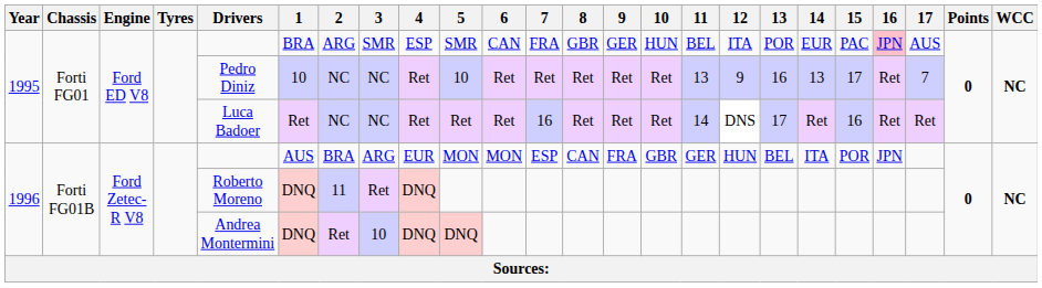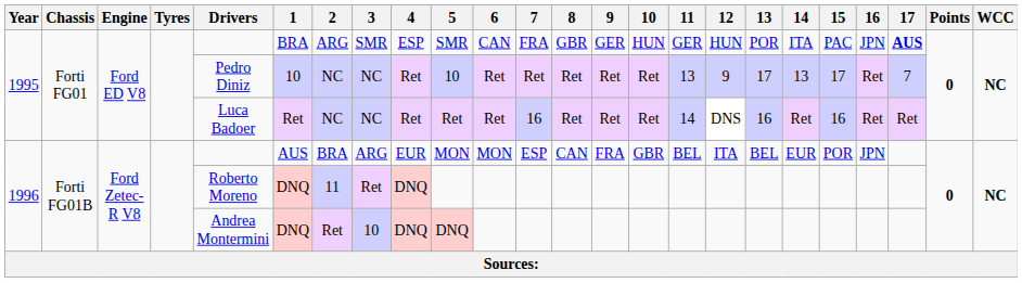 <table class="wikitable" style="text-align:center; font-size:95%">
 <tr>
 <th>Year</th>
 <th>Chassis</th>
 <th>Engine</th>
 <th>Tyres</th>
 <th>Drivers</th>
 <th>1</th>
 <th>2</th>
 <th>3</th>
 <th>4</th>
 <th>5</th>
 <th>6</th>
 <th>7</th>
 <th>8</th>
 <th>9</th>
 <th>10</th>
 <th>11</th>
 <th>12</th>
 <th>13</th>
 <th>14</th>
 <th>15</th>
 <th>16</th>
 <th>17</th>
 <th>Points</th>
 <th>WCC</th>
 </tr>
 <tr>
 <td rowspan="3"><a href='#'>1995</a></td>
 <td rowspan="3">Forti FG01</td>
 <td rowspan="3"><a href='#'>Ford ED</a> <a href='#'>V8</a></td>
 <td rowspan="3"></td>
 <td></td>
 <td><a href='#'>BRA</a></td>
 <td><a href='#'>ARG</a></td>
 <td><a href='#'>SMR</a></td>
 <td><a href='#'>ESP</a></td>
 <td><a href='#'>SMR</a></td>
 <td><a href='#'>CAN</a></td>
 <td><a href='#'>FRA</a></td>
 <td><a href='#'>GBR</a></td>
 <td><a href='#'>GER</a></td>
 <td><a href='#'>HUN</a></td>
-<td><a href='#'>BEL</a></td>
+<td><a href='#'>GER</a></td>
+<td><a href='#'>HUN</a></td>
+<td><a href='#'>POR</a></td>
 <td><a href='#'>ITA</a></td>
-<td><a href='#'>POR</a></td>
-<td><a href='#'>EUR</a></td>
 <td><a href='#'>PAC</a></td>
-<td style="background: pink;"><a href='#'>JPN</a></td>
-<td><a href='#'>AUS</a></td>
+<td><a href='#'>JPN</a></td>
+<td><strong><a href='#'>AUS</a></strong></td>
 <td rowspan="3"><strong>0</strong></td>
 <td rowspan="3"><strong>NC</strong></td>
 </tr>
 <tr>
 <td><a href='#'>Pedro Diniz</a></td>
 <td style="background:#CFCFFF;">10</td>
 <td style="background:#CFCFFF;">NC</td>
 <td style="background:#CFCFFF;">NC</td>
 <td style="background:#EFCFFF;">Ret</td>
 <td style="background:#CFCFFF;">10</td>
 <td style="background:#EFCFFF;">Ret</td>
 <td style="background:#EFCFFF;">Ret</td>
 <td style="background:#EFCFFF;">Ret</td>
 <td style="background:#EFCFFF;">Ret</td>
 <td style="background:#EFCFFF;">Ret</td>
 <td style="background:#CFCFFF;">13</td>
 <td style="background:#CFCFFF;">9</td>
-<td style="background:#CFCFFF;">16</td>
+<td style="background:#cfcfff;">17</td>
 <td style="background:#CFCFFF;">13</td>
 <td style="background:#CFCFFF;">17</td>
 <td style="background:#EFCFFF;">Ret</td>
 <td style="background:#CFCFFF;">7</td>
 </tr>
 <tr>
 <td><a href='#'>Luca Badoer</a></td>
 <td style="background:#efcfff;">Ret</td>
 <td style="background:#cfcfff;">NC</td>
 <td style="background:#cfcfff;">NC</td>
 <td style="background:#efcfff;">Ret</td>
 <td style="background:#efcfff;">Ret</td>
 <td style="background:#efcfff;">Ret</td>
 <td style="background:#cfcfff;">16</td>
 <td style="background:#efcfff;">Ret</td>
 <td style="background:#efcfff;">Ret</td>
 <td style="background:#efcfff;">Ret</td>
 <td style="background:#cfcfff;">14</td>
 <td style="background:#ffffff;">DNS</td>
-<td style="background:#cfcfff;">17</td>
+<td style="background:#CFCFFF;">16</td>
 <td style="background:#efcfff;">Ret</td>
 <td style="background:#cfcfff;">16</td>
 <td style="background:#efcfff;">Ret</td>
 <td style="background:#efcfff;">Ret</td>
 </tr>
 <tr>
 <td rowspan="3"><a href='#'>1996</a></td>
 <td rowspan="3">Forti FG01B</td>
 <td rowspan="3"><a href='#'>Ford Zetec-R</a> <a href='#'>V8</a></td>
 <td rowspan="3"></td>
 <td></td>
 <td><a href='#'>AUS</a></td>
 <td><a href='#'>BRA</a></td>
 <td><a href='#'>ARG</a></td>
 <td><a href='#'>EUR</a></td>
 <td><a href='#'>MON</a></td>
 <td><a href='#'>MON</a></td>
 <td><a href='#'>ESP</a></td>
 <td><a href='#'>CAN</a></td>
 <td><a href='#'>FRA</a></td>
 <td><a href='#'>GBR</a></td>
-<td><a href='#'>GER</a></td>
-<td><a href='#'>HUN</a></td>
 <td><a href='#'>BEL</a></td>
 <td><a href='#'>ITA</a></td>
+<td><a href='#'>BEL</a></td>
+<td><a href='#'>EUR</a></td>
 <td><a href='#'>POR</a></td>
 <td><a href='#'>JPN</a></td>
 <td></td>
 <td rowspan="3"><strong>0</strong></td>
 <td rowspan="3"><strong>NC</strong></td>
 </tr>
 <tr>
 <td><a href='#'>Roberto Moreno</a></td>
 <td style="background:#FFCFCF;">DNQ</td>
 <td style="background:#CFCFFF;">11</td>
 <td style="background:#EFCFFF;">Ret</td>
 <td style="background:#FFCFCF;">DNQ</td>
 <td></td>
 <td></td>
 <td></td>
 <td></td>
 <td></td>
 <td></td>
 <td></td>
 <td></td>
 <td></td>
 <td></td>
 <td></td>
 <td></td>
 <td></td>
 </tr>
 <tr>
 <td><a href='#'>Andrea Montermini</a></td>
 <td style="background:#FFCFCF;">DNQ</td>
 <td style="background:#EFCFFF;">Ret</td>
 <td style="background:#CFCFFF;">10</td>
 <td style="background:#FFCFCF;">DNQ</td>
 <td style="background:#FFCFCF;">DNQ</td>
 <td></td>
 <td></td>
 <td></td>
 <td></td>
 <td></td>
 <td></td>
 <td></td>
 <td></td>
 <td></td>
 <td></td>
 <td></td>
 <td></td>
 </tr>
 <tr>
 <th colspan="24">Sources:</th>
 </tr>
 </table>
